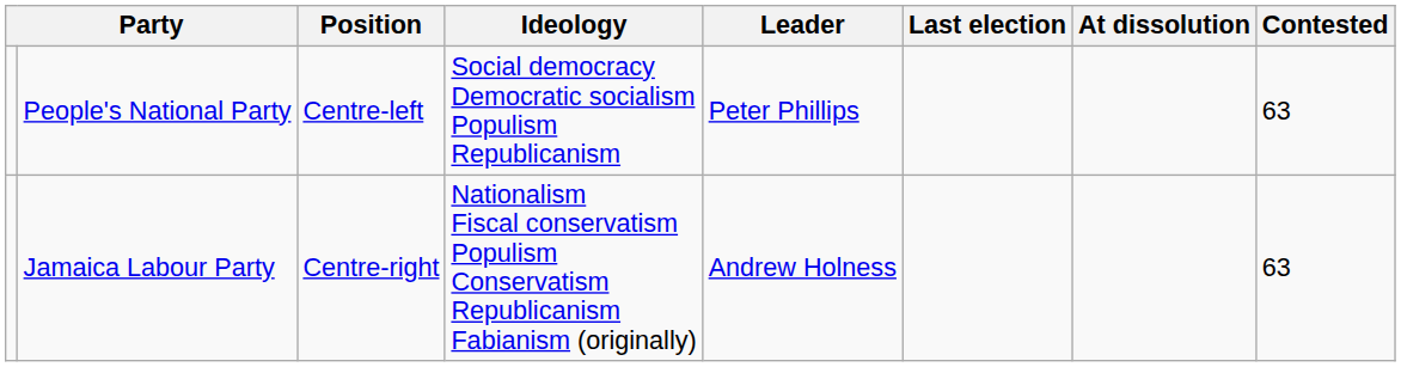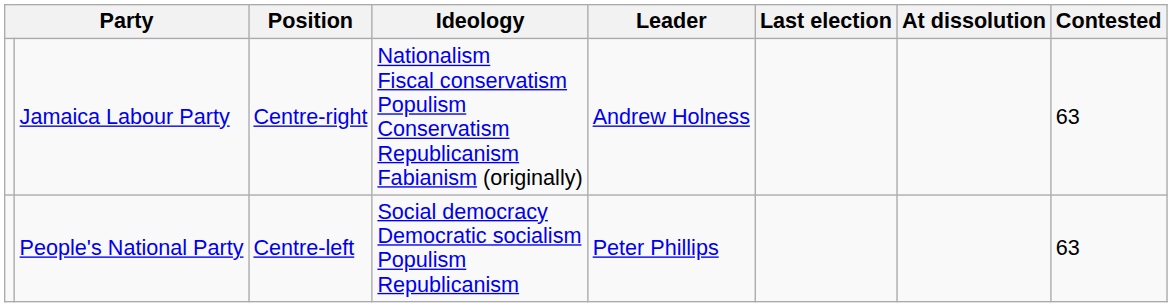 <table class="wikitable sortable">
 <tr>
 <th colspan="2">Party</th>
 <th>Position</th>
 <th>Ideology</th>
 <th>Leader<br></th>
 <th>Last election</th>
 <th>At dissolution</th>
 <th>Contested</th>
 </tr>
 <tr>
 <td></td>
+<td><a href='#'>Jamaica Labour Party</a></td>
+<td><a href='#'>Centre-right</a></td>
+<td><a href='#'>Nationalism</a><br><a href='#'>Fiscal conservatism</a><br><a href='#'>Populism</a><br><a href='#'>Conservatism</a><br><a href='#'>Republicanism</a><br><a href='#'>Fabianism</a> (originally)</td>
+<td><a href='#'>Andrew Holness</a><br></td>
+<td></td>
+<td></td>
+<td>63</td>
+</tr>
+<tr>
+<td></td>
 <td><a href='#'>People's National Party</a></td>
 <td><a href='#'>Centre-left</a></td>
 <td><a href='#'>Social democracy</a><br><a href='#'>Democratic socialism</a><br><a href='#'>Populism</a><br><a href='#'>Republicanism</a></td>
 <td><a href='#'>Peter Phillips</a><br></td>
 <td></td>
 <td></td>
 <td>63</td>
 </tr>
-<tr>
-<td></td>
-<td><a href='#'>Jamaica Labour Party</a></td>
-<td><a href='#'>Centre-right</a></td>
-<td><a href='#'>Nationalism</a><br><a href='#'>Fiscal conservatism</a><br><a href='#'>Populism</a><br><a href='#'>Conservatism</a><br><a href='#'>Republicanism</a><br><a href='#'>Fabianism</a> (originally)</td>
-<td><a href='#'>Andrew Holness</a><br></td>
-<td></td>
-<td></td>
-<td>63</td>
-</tr>
 </table>
